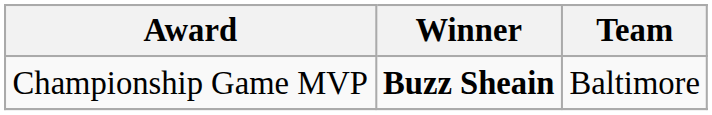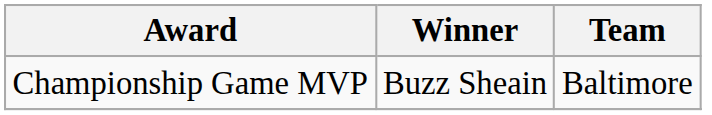 <table class="wikitable">
 <tr>
 <th>Award</th>
 <th>Winner</th>
 <th>Team</th>
 </tr>
 <tr>
 <td>Championship Game MVP</td>
-<td><strong>Buzz Sheain</strong></td>
+<td>Buzz Sheain</td>
 <td>Baltimore</td>
 </tr>
 <tr>
 </tr>
 </table>
